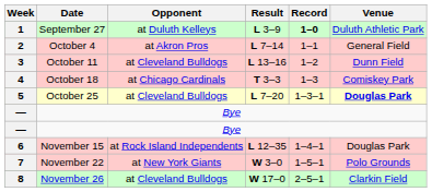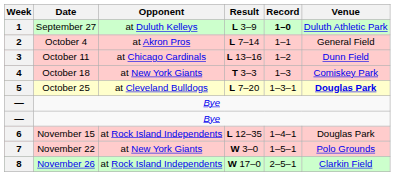 <table class="wikitable" style="text-align:center">
 <tr>
 <th>Week</th>
 <th>Date</th>
 <th>Opponent</th>
 <th>Result</th>
 <th>Record</th>
 <th>Venue</th>
 </tr>
 <tr style="background:#cfc">
 <th>1</th>
 <td>September 27</td>
 <td>at <a href='#'>Duluth Kelleys</a></td>
 <td><strong>L</strong> 3–9</td>
 <td><strong>1–0</strong></td>
 <td><a href='#'>Duluth Athletic Park</a></td>
 </tr>
 <tr style="background:#fcc">
 <th>2</th>
 <td>October 4</td>
 <td>at <a href='#'>Akron Pros</a></td>
 <td><strong>L</strong> 7–14</td>
 <td>1–1</td>
 <td>General Field</td>
 </tr>
 <tr style="background:#fcc">
 <th>3</th>
 <td>October 11</td>
-<td>at <a href='#'>Cleveland Bulldogs</a></td>
+<td>at <a href='#'>Chicago Cardinals</a></td>
 <td><strong>L</strong> 13–16</td>
 <td>1–2</td>
 <td><a href='#'>Dunn Field</a></td>
 </tr>
 <tr style="background:#fcc">
 <th>4</th>
 <td>October 18</td>
-<td>at <a href='#'>Chicago Cardinals</a></td>
+<td>at <a href='#'>New York Giants</a></td>
 <td><strong>T</strong> 3–3</td>
 <td>1–3</td>
 <td><a href='#'>Comiskey Park</a></td>
 </tr>
 <tr style="background:#ffc">
 <th>5</th>
 <td>October 25</td>
 <td>at <a href='#'>Cleveland Bulldogs</a></td>
 <td><strong>L</strong> 7–20</td>
 <td>1–3–1</td>
 <td><strong><a href='#'>Douglas Park</a></strong></td>
 </tr>
 <tr>
 <th>—</th>
 <td colspan="6"><em><a href='#'>Bye</a></em></td>
 </tr>
 <tr>
 <th>—</th>
 <td colspan="6"><em><a href='#'>Bye</a></em></td>
 </tr>
 <tr style="background:#fcc">
 <th>6</th>
 <td>November 15</td>
 <td>at <a href='#'>Rock Island Independents</a></td>
 <td><strong>L</strong> 12–35</td>
 <td>1–4–1</td>
 <td>Douglas Park</td>
 </tr>
 <tr style="background:#fcc">
 <th>7</th>
 <td>November 22</td>
 <td>at <a href='#'>New York Giants</a></td>
 <td><strong>W</strong> 3–0</td>
 <td>1–5–1</td>
 <td><a href='#'>Polo Grounds</a></td>
 </tr>
 <tr style="background:#cfc">
 <th>8</th>
 <td><a href='#'>November 26</a></td>
-<td>at <a href='#'>Cleveland Bulldogs</a></td>
+<td>at <a href='#'>Rock Island Independents</a></td>
 <td><strong>W</strong> 17–0</td>
 <td>2–5–1</td>
 <td><a href='#'>Clarkin Field</a></td>
 </tr>
 </table>
